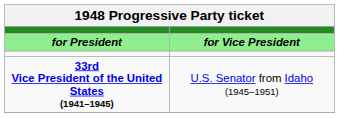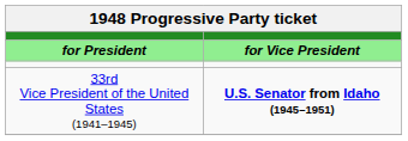 <table class="wikitable" style="font-size:90%; text-align:center;">
 <tr>
 <td style="background:#f1f1f1;" colspan="30"><big><strong>1948 Progressive Party ticket</strong></big></td>
 </tr>
 <tr>
 <th style="width:3em; font-size:135%; background:#228B22; width:200px;"><a href='#'></a></th>
 <th style="width:3em; font-size:135%; background:#228B22; width:200px;"><a href='#'></a></th>
 </tr>
 <tr style="color:#000000; font-size:100%;">
 <td style="width:3em; font-size:100%; color:#000; background:#90EE90; width:200px;"><strong><em>for President</em></strong></td>
 <td style="width:3em; font-size:100%; color:#000; background:#90EE90; width:200px;"><strong><em>for Vice President</em></strong></td>
 </tr>
 <tr>
 <td></td>
 <td></td>
 </tr>
 <tr>
-<td><strong><a href='#'>33rd</a><br><a href='#'>Vice President of the United States</a><br><small>(1941–1945)</small></strong></td>
-<td><a href='#'>U.S. Senator</a> from <a href='#'>Idaho</a><br><small>(1945–1951)</small></td>
+<td><a href='#'>33rd</a><br><a href='#'>Vice President of the United States</a><br><small>(1941–1945)</small></td>
+<td><strong><a href='#'>U.S. Senator</a> from <a href='#'>Idaho</a><br><small>(1945–1951)</small></strong></td>
 </tr>
 <tr>
 </tr>
 </table>
